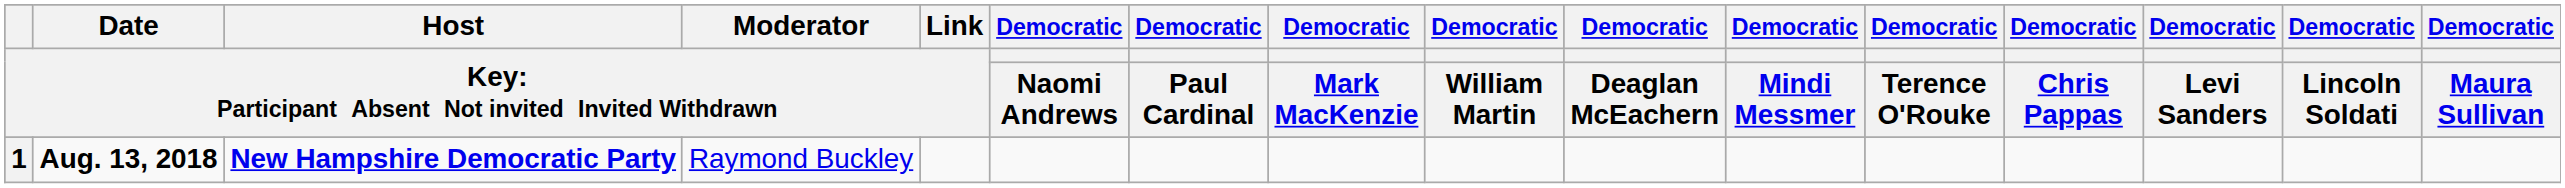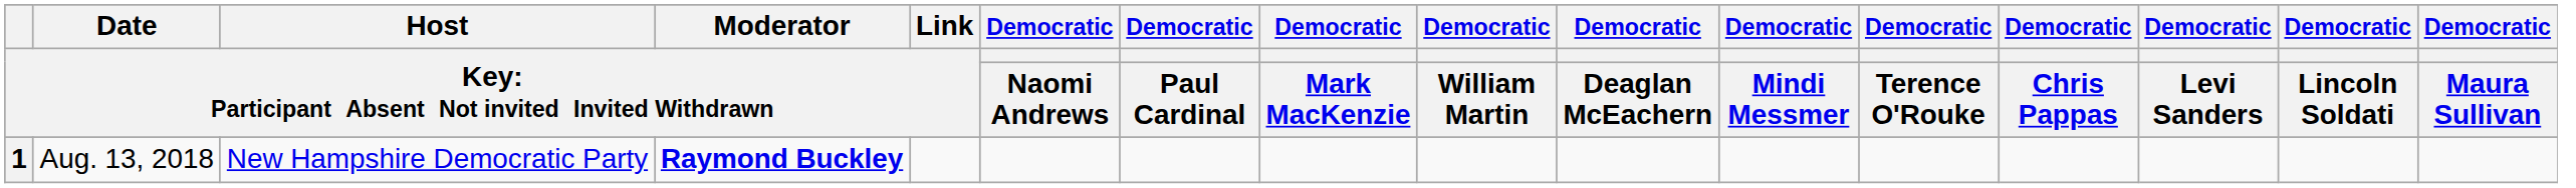 <table class="wikitable" style="text-align:center;">
 <tr>
 <th scope="col"></th>
 <th scope="col">Date</th>
 <th scope="col">Host</th>
 <th scope="col">Moderator</th>
 <th scope="col">Link</th>
 <th scope="col"><small><a href='#'>Democratic</a></small></th>
 <th scope="col"><small><a href='#'>Democratic</a></small></th>
 <th scope="col"><small><a href='#'>Democratic</a></small></th>
 <th scope="col"><small><a href='#'>Democratic</a></small></th>
 <th scope="col"><small><a href='#'>Democratic</a></small></th>
 <th scope="col"><small><a href='#'>Democratic</a></small></th>
 <th scope="col"><small><a href='#'>Democratic</a></small></th>
 <th scope="col"><small><a href='#'>Democratic</a></small></th>
 <th scope="col"><small><a href='#'>Democratic</a></small></th>
 <th scope="col"><small><a href='#'>Democratic</a></small></th>
 <th scope="col"><small><a href='#'>Democratic</a></small></th>
 </tr>
 <tr>
 <th colspan="5" rowspan="2">Key:<br> <small>Participant </small>  <small>Absent </small>  <small>Not invited </small>  <small>Invited  Withdrawn</small></th>
 <th scope="col" style="background:"></th>
 <th scope="col" style="background:"></th>
 <th scope="col" style="background:"></th>
 <th scope="col" style="background:"></th>
 <th scope="col" style="background:"></th>
 <th scope="col" style="background:"></th>
 <th scope="col" style="background:"></th>
 <th scope="col" style="background:"></th>
 <th scope="col" style="background:"></th>
 <th scope="col" style="background:"></th>
 <th scope="col" style="background:"></th>
 </tr>
 <tr>
 <th scope="col">Naomi Andrews</th>
 <th scope="col">Paul Cardinal</th>
 <th scope="col"><a href='#'>Mark MacKenzie</a></th>
 <th scope="col">William Martin</th>
 <th scope="col">Deaglan McEachern</th>
 <th scope="col"><a href='#'>Mindi Messmer</a></th>
 <th scope="col">Terence O'Rouke</th>
 <th scope="col"><a href='#'>Chris Pappas</a></th>
 <th scope="col">Levi Sanders</th>
 <th scope="col">Lincoln Soldati</th>
 <th scope="col"><a href='#'>Maura Sullivan</a></th>
 </tr>
 <tr>
 <th>1</th>
-<td style="white-space:nowrap;"><strong>Aug. 13, 2018</strong></td>
-<td style="white-space:nowrap;"><strong><a href='#'>New Hampshire Democratic Party</a></strong></td>
-<td style="white-space:nowrap;"><a href='#'>Raymond Buckley</a></td>
+<td style="white-space:nowrap;">Aug. 13, 2018</td>
+<td style="white-space:nowrap;"><a href='#'>New Hampshire Democratic Party</a></td>
+<td style="white-space:nowrap;"><strong><a href='#'>Raymond Buckley</a></strong></td>
 <td style="white-space:nowrap;"></td>
 <td></td>
 <td></td>
 <td></td>
 <td></td>
 <td></td>
 <td></td>
 <td></td>
 <td></td>
 <td></td>
 <td></td>
 <td></td>
 </tr>
 </table>
